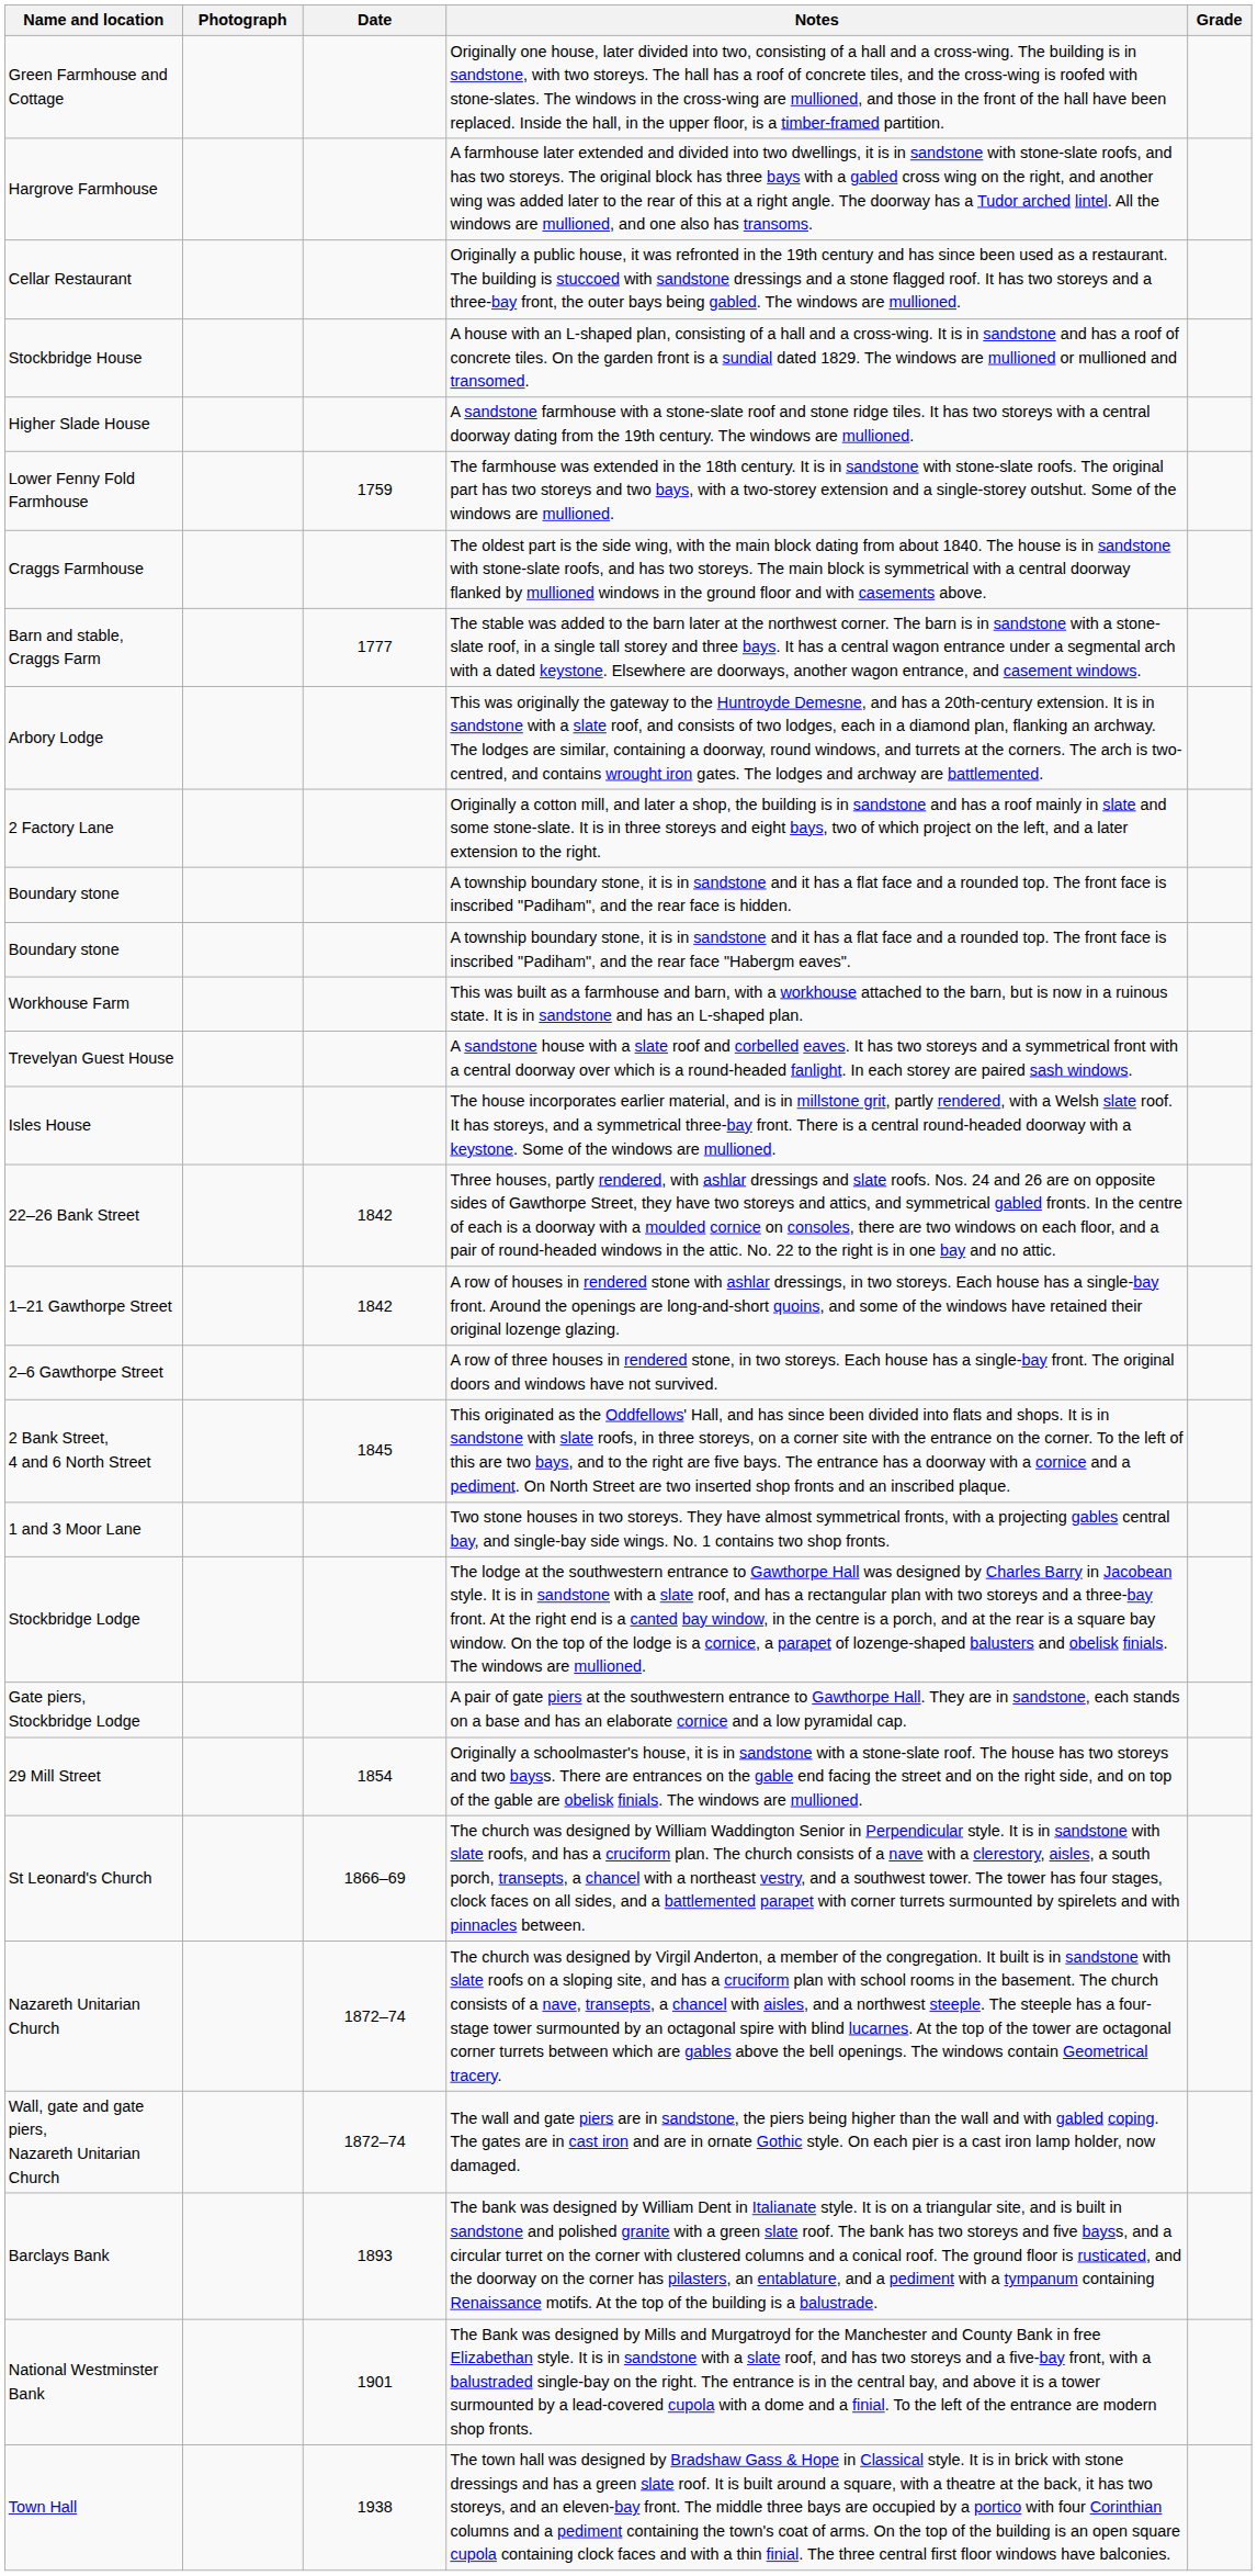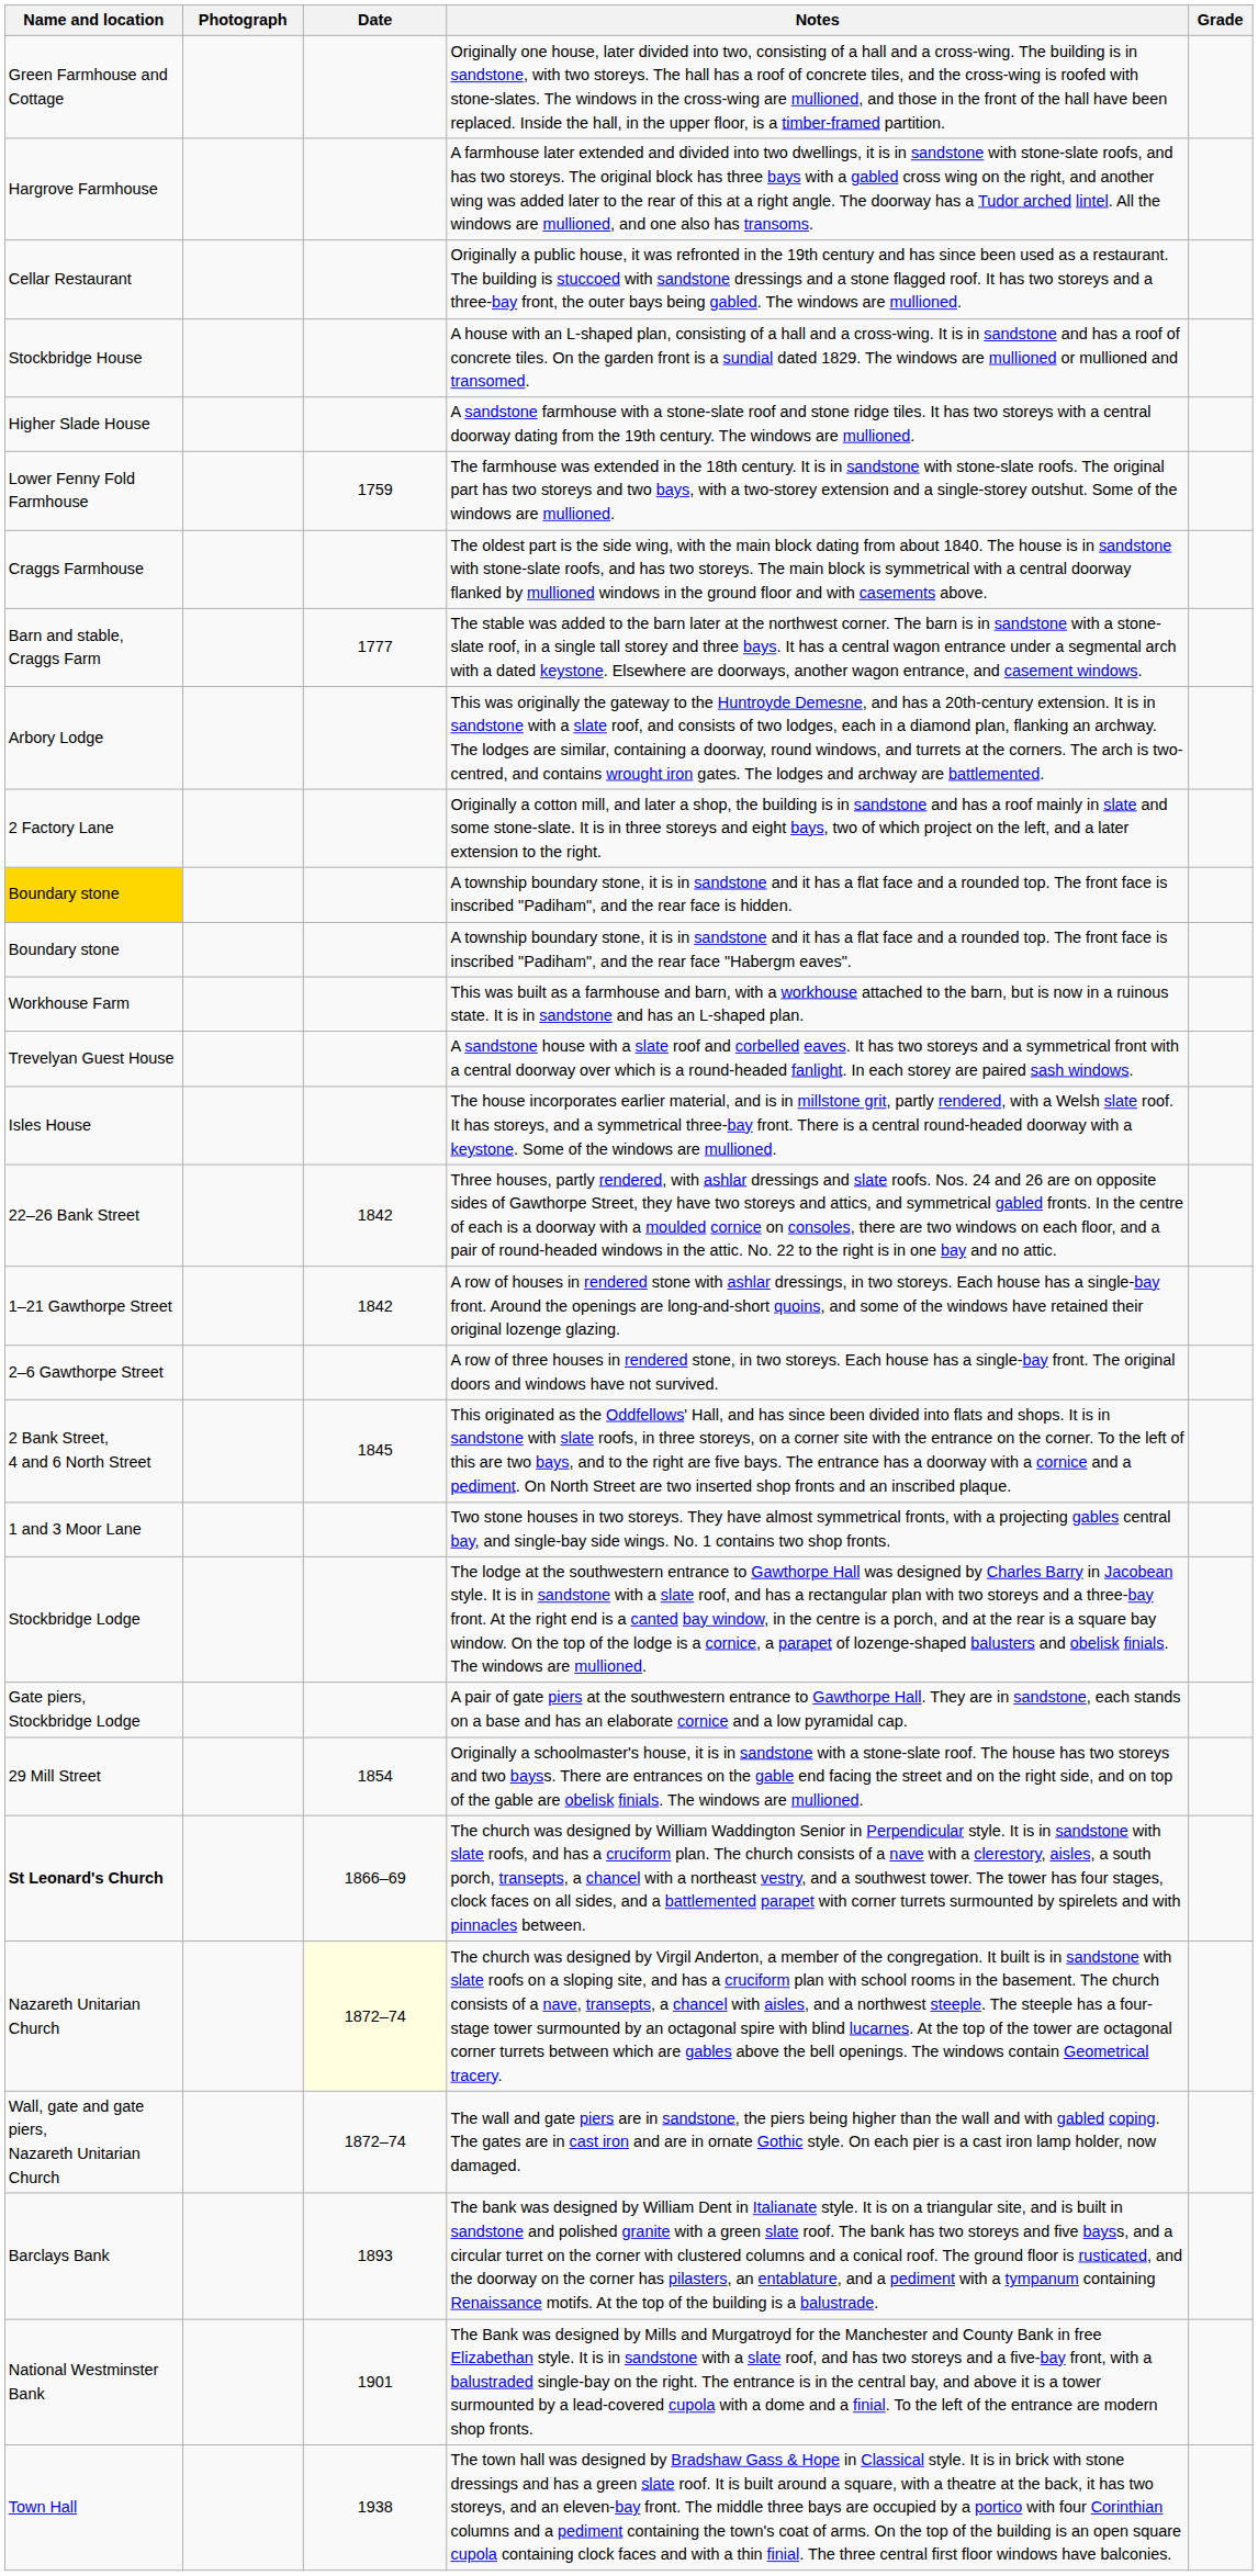 <table class="wikitable sortable plainrowheaders" style="width:100%;border:0px;text-align:left;line-height:150%;">
 <tr>
 <th scope="col"  style="width:150px">Name and location</th>
 <th scope="col"  style="width:100px" class="unsortable">Photograph</th>
 <th scope="col"  style="width:120px">Date</th>
 <th scope="col"  style="width:650px" class="unsortable">Notes</th>
 <th scope="col"  style="width:50px">Grade</th>
 </tr>
 <tr>
 <td>Green Farmhouse and Cottage<br><small></small></td>
 <td></td>
 <td align="center"></td>
 <td>Originally one house, later divided into two, consisting of a hall and a cross-wing.  The building is in <a href='#'>sandstone</a>, with two storeys.  The hall has a roof of concrete tiles, and the cross-wing is roofed with stone-slates.  The windows in the cross-wing are <a href='#'>mullioned</a>, and those in the front of the hall have been replaced.  Inside the hall, in the upper floor, is a <a href='#'>timber-framed</a> partition.</td>
 <td align="center" ></td>
 </tr>
 <tr>
 <td>Hargrove Farmhouse<br><small></small></td>
 <td></td>
 <td align="center"></td>
 <td>A farmhouse later extended and divided into two dwellings, it is in <a href='#'>sandstone</a> with stone-slate roofs, and has two storeys.  The original block has three <a href='#'>bays</a> with a <a href='#'>gabled</a> cross wing on the right, and another wing was added later to the rear of this at a right angle.  The doorway has a <a href='#'>Tudor arched</a> <a href='#'>lintel</a>.  All the windows are <a href='#'>mullioned</a>, and one also has <a href='#'>transoms</a>.</td>
 <td align="center" ></td>
 </tr>
 <tr>
 <td>Cellar Restaurant<br><small></small></td>
 <td></td>
 <td align="center"></td>
 <td>Originally a public house, it was refronted in the 19th century and has since been used as a restaurant. The building is <a href='#'>stuccoed</a> with <a href='#'>sandstone</a> dressings and a stone flagged roof.  It has two storeys and a three-<a href='#'>bay</a> front, the outer bays being <a href='#'>gabled</a>.  The windows are <a href='#'>mullioned</a>.</td>
 <td align="center" ></td>
 </tr>
 <tr>
 <td>Stockbridge House<br><small></small></td>
 <td></td>
 <td align="center"></td>
 <td>A house with an L-shaped plan, consisting of a hall and a cross-wing.  It is in <a href='#'>sandstone</a> and has a roof of concrete tiles.  On the garden front is a <a href='#'>sundial</a> dated 1829.  The windows are <a href='#'>mullioned</a> or mullioned and <a href='#'>transomed</a>.</td>
 <td align="center" ></td>
 </tr>
 <tr>
 <td>Higher Slade House<br><small></small></td>
 <td></td>
 <td align="center"></td>
 <td>A <a href='#'>sandstone</a> farmhouse with a stone-slate roof and stone ridge tiles.  It has two storeys with a central doorway dating from the 19th century.  The windows are <a href='#'>mullioned</a>.</td>
 <td align="center" ></td>
 </tr>
 <tr>
 <td>Lower Fenny Fold Farmhouse<br><small></small></td>
 <td></td>
 <td align="center">1759</td>
 <td>The farmhouse was extended in the 18th century.  It is in <a href='#'>sandstone</a> with stone-slate roofs.  The original part has two storeys and two <a href='#'>bays</a>, with a two-storey extension and a single-storey outshut. Some of the windows are <a href='#'>mullioned</a>.</td>
 <td align="center" ></td>
 </tr>
 <tr>
 <td>Craggs Farmhouse<br><small></small></td>
 <td></td>
 <td align="center"></td>
 <td>The oldest part is the side wing, with the main block dating from about 1840.  The house is in <a href='#'>sandstone</a> with stone-slate roofs, and has two storeys.  The main block is symmetrical with a central doorway flanked by <a href='#'>mullioned</a> windows in the ground floor and with <a href='#'>casements</a> above.</td>
 <td align="center" ></td>
 </tr>
 <tr>
 <td>Barn and stable,<br>Craggs Farm<br><small></small></td>
 <td></td>
 <td align="center">1777</td>
 <td>The stable was added to the barn later at the northwest corner.  The barn is in <a href='#'>sandstone</a> with a stone-slate roof, in a single tall storey and three <a href='#'>bays</a>.  It has a central wagon entrance under a segmental arch with a dated <a href='#'>keystone</a>.  Elsewhere are doorways, another wagon entrance, and <a href='#'>casement windows</a>.</td>
 <td align="center" ></td>
 </tr>
 <tr>
 <td>Arbory Lodge<br><small></small></td>
 <td></td>
 <td align="center"></td>
 <td>This was originally the gateway to the <a href='#'>Huntroyde Demesne</a>, and has a 20th-century extension.  It is in <a href='#'>sandstone</a> with a <a href='#'>slate</a> roof, and consists of two lodges, each in a diamond plan, flanking an archway.  The lodges are similar, containing a doorway, round windows, and turrets at the corners.  The arch is two-centred, and contains <a href='#'>wrought iron</a> gates.  The lodges and archway are <a href='#'>battlemented</a>.</td>
 <td align="center" ></td>
 </tr>
 <tr>
 <td>2 Factory Lane<br><small></small></td>
 <td></td>
 <td align="center"></td>
 <td>Originally a cotton mill, and later a shop, the building is in <a href='#'>sandstone</a> and has a roof mainly in <a href='#'>slate</a> and some stone-slate.  It is in three storeys and eight <a href='#'>bays</a>, two of which project on the left, and a later extension to the right.</td>
 <td align="center" ></td>
 </tr>
 <tr>
-<td>Boundary stone<br><small></small></td>
+<td style="background: gold;">Boundary stone<br><small></small></td>
 <td></td>
 <td align="center"></td>
 <td>A township boundary stone, it is in <a href='#'>sandstone</a> and it has a flat face and a rounded top.  The front face is inscribed "Padiham", and the rear face is hidden.</td>
 <td align="center" ></td>
 </tr>
 <tr>
 <td>Boundary stone<br><small></small></td>
 <td></td>
 <td align="center"></td>
 <td>A township boundary stone, it is in <a href='#'>sandstone</a> and it has a flat face and a rounded top.  The front face is inscribed "Padiham", and the rear face "Habergm eaves".</td>
 <td align="center" ></td>
 </tr>
 <tr>
 <td>Workhouse Farm<br><small></small></td>
 <td></td>
 <td align="center"></td>
 <td>This was built as a farmhouse and barn, with a <a href='#'>workhouse</a> attached to the barn, but is now in a ruinous state.  It is in <a href='#'>sandstone</a> and has an L-shaped plan.</td>
 <td align="center" ></td>
 </tr>
 <tr>
 <td>Trevelyan Guest House<br><small></small></td>
 <td></td>
 <td align="center"></td>
 <td>A <a href='#'>sandstone</a> house with a <a href='#'>slate</a> roof and <a href='#'>corbelled</a> <a href='#'>eaves</a>.  It has two storeys and a symmetrical front with a central doorway over which is a round-headed <a href='#'>fanlight</a>.  In each storey are paired <a href='#'>sash windows</a>.</td>
 <td align="center" ></td>
 </tr>
 <tr>
 <td>Isles House<br><small></small></td>
 <td></td>
 <td align="center"></td>
 <td>The house incorporates earlier material, and is in <a href='#'>millstone grit</a>, partly <a href='#'>rendered</a>, with a Welsh <a href='#'>slate</a> roof.  It has  storeys, and a symmetrical three-<a href='#'>bay</a> front.  There is a central round-headed doorway with a <a href='#'>keystone</a>.  Some of the windows are <a href='#'>mullioned</a>.</td>
 <td align="center" ></td>
 </tr>
 <tr>
 <td>22–26 Bank Street<br><small></small></td>
 <td></td>
 <td align="center">1842</td>
 <td>Three houses, partly <a href='#'>rendered</a>, with <a href='#'>ashlar</a> dressings and <a href='#'>slate</a> roofs.  Nos. 24 and 26 are on opposite sides of Gawthorpe Street, they have two storeys and attics, and symmetrical <a href='#'>gabled</a> fronts.  In the centre of each is a doorway with a <a href='#'>moulded</a> <a href='#'>cornice</a> on <a href='#'>consoles</a>, there are two windows on each floor, and a pair of round-headed windows in the attic.  No. 22 to the right is in one <a href='#'>bay</a> and no attic.</td>
 <td align="center" ></td>
 </tr>
 <tr>
 <td>1–21 Gawthorpe Street<br><small></small></td>
 <td></td>
 <td align="center">1842</td>
 <td>A row of houses in <a href='#'>rendered</a> stone with <a href='#'>ashlar</a> dressings, in two storeys.  Each house has a single-<a href='#'>bay</a> front.  Around the openings are long-and-short <a href='#'>quoins</a>, and some of the windows have retained their original lozenge glazing.</td>
 <td align="center" ></td>
 </tr>
 <tr>
 <td>2–6 Gawthorpe Street<br><small></small></td>
 <td></td>
 <td align="center"></td>
 <td>A row of three houses in <a href='#'>rendered</a> stone, in two storeys.  Each house has a single-<a href='#'>bay</a> front.  The original doors and windows have not survived.</td>
 <td align="center" ></td>
 </tr>
 <tr>
 <td>2 Bank Street,<br>4 and 6 North Street<br><small></small></td>
 <td></td>
 <td align="center">1845</td>
 <td>This originated as the <a href='#'>Oddfellows</a>' Hall, and has since been divided into flats and shops.  It is in <a href='#'>sandstone</a> with <a href='#'>slate</a> roofs, in three storeys, on a corner site with the entrance on the corner.  To the left of this are two <a href='#'>bays</a>, and to the right are five bays.  The entrance has a doorway with a <a href='#'>cornice</a> and a <a href='#'>pediment</a>.  On North Street are two inserted shop fronts and an inscribed plaque.</td>
 <td align="center" ></td>
 </tr>
 <tr>
 <td>1 and 3 Moor Lane<br><small></small></td>
 <td></td>
 <td align="center"></td>
 <td>Two stone houses in two storeys.  They have almost symmetrical fronts, with a projecting <a href='#'>gables</a> central <a href='#'>bay</a>, and single-bay side wings.  No. 1 contains two shop fronts.</td>
 <td align="center" ></td>
 </tr>
 <tr>
 <td>Stockbridge Lodge<br><small></small></td>
 <td></td>
 <td align="center"></td>
 <td>The lodge at the southwestern entrance to <a href='#'>Gawthorpe Hall</a> was designed by <a href='#'>Charles Barry</a> in <a href='#'>Jacobean</a> style.  It is in <a href='#'>sandstone</a> with a  <a href='#'>slate</a> roof, and has a rectangular plan with two storeys and a three-<a href='#'>bay</a> front. At the right end is a <a href='#'>canted</a> <a href='#'>bay window</a>, in the centre is a porch, and at the rear is a square bay window.  On the top of the lodge is a <a href='#'>cornice</a>, a <a href='#'>parapet</a> of lozenge-shaped <a href='#'>balusters</a> and <a href='#'>obelisk</a> <a href='#'>finials</a>.  The windows are <a href='#'>mullioned</a>.</td>
 <td align="center" ></td>
 </tr>
 <tr>
 <td>Gate piers,<br>Stockbridge Lodge<br><small></small></td>
 <td></td>
 <td align="center"></td>
 <td>A pair of gate <a href='#'>piers</a> at the southwestern entrance to <a href='#'>Gawthorpe Hall</a>.  They are in <a href='#'>sandstone</a>, each stands on a base and has an elaborate <a href='#'>cornice</a> and a low pyramidal cap.</td>
 <td align="center" ></td>
 </tr>
 <tr>
 <td>29 Mill Street<br><small></small></td>
 <td></td>
 <td align="center">1854</td>
 <td>Originally a schoolmaster's house, it is in <a href='#'>sandstone</a> with a stone-slate roof.  The house has two storeys and two <a href='#'>bays</a>s.  There are entrances on the <a href='#'>gable</a> end facing the street and on the right side, and on top of the gable are <a href='#'>obelisk</a> <a href='#'>finials</a>.  The windows are <a href='#'>mullioned</a>.</td>
 <td align="center" ></td>
 </tr>
 <tr>
-<td>St Leonard's Church<br><small></small></td>
+<td><strong>St Leonard's Church<br><small></small></strong></td>
 <td></td>
 <td align="center">1866–69</td>
 <td>The church was designed by William Waddington Senior in <a href='#'>Perpendicular</a> style.  It is in <a href='#'>sandstone</a> with <a href='#'>slate</a> roofs, and has a <a href='#'>cruciform</a> plan.  The church consists of a <a href='#'>nave</a> with a <a href='#'>clerestory</a>, <a href='#'>aisles</a>, a south porch, <a href='#'>transepts</a>, a <a href='#'>chancel</a> with a northeast <a href='#'>vestry</a>, and a southwest tower.  The tower has four stages, clock faces on all sides, and a <a href='#'>battlemented</a> <a href='#'>parapet</a> with corner turrets surmounted by spirelets and with <a href='#'>pinnacles</a> between.</td>
 <td align="center" ></td>
 </tr>
 <tr>
 <td>Nazareth Unitarian Church<br><small></small></td>
 <td></td>
-<td align="center">1872–74</td>
+<td align="center" style="background: lightyellow;">1872–74</td>
 <td>The church was designed by Virgil Anderton, a member of the congregation.  It built is in <a href='#'>sandstone</a> with <a href='#'>slate</a> roofs on a sloping site, and has a <a href='#'>cruciform</a> plan with school rooms in the basement.  The church consists of a <a href='#'>nave</a>, <a href='#'>transepts</a>, a <a href='#'>chancel</a> with <a href='#'>aisles</a>, and a northwest <a href='#'>steeple</a>.  The steeple has a four-stage tower surmounted by an octagonal spire with blind <a href='#'>lucarnes</a>.  At the top of the tower are octagonal corner turrets between which are <a href='#'>gables</a> above the bell openings.  The windows contain <a href='#'>Geometrical</a> <a href='#'>tracery</a>.</td>
 <td align="center" ></td>
 </tr>
 <tr>
 <td>Wall, gate and gate piers,<br>Nazareth Unitarian Church<br><small></small></td>
 <td></td>
 <td align="center">1872–74</td>
 <td>The wall and gate <a href='#'>piers</a> are in <a href='#'>sandstone</a>, the piers being higher than the wall and with <a href='#'>gabled</a> <a href='#'>coping</a>.  The gates are in <a href='#'>cast iron</a> and are in ornate <a href='#'>Gothic</a> style.  On each pier is a cast iron lamp holder, now damaged.</td>
 <td align="center" ></td>
 </tr>
 <tr>
 <td>Barclays Bank<br><small></small></td>
 <td></td>
 <td align="center">1893</td>
 <td>The bank was designed by William Dent in <a href='#'>Italianate</a> style.  It is on a triangular site, and is built in <a href='#'>sandstone</a> and polished <a href='#'>granite</a> with a green <a href='#'>slate</a> roof.  The bank has two storeys and five <a href='#'>bays</a>s, and a circular turret on the corner with clustered columns and a conical roof.  The ground floor is <a href='#'>rusticated</a>, and the doorway on the corner has <a href='#'>pilasters</a>, an <a href='#'>entablature</a>, and a <a href='#'>pediment</a> with a <a href='#'>tympanum</a> containing <a href='#'>Renaissance</a> motifs.  At the top of the building is a <a href='#'>balustrade</a>.</td>
 <td align="center" ></td>
 </tr>
 <tr>
 <td>National Westminster Bank<br><small></small></td>
 <td></td>
 <td align="center">1901</td>
 <td>The Bank was designed by Mills and Murgatroyd for the Manchester and County Bank in free <a href='#'>Elizabethan</a> style.  It is in <a href='#'>sandstone</a> with a <a href='#'>slate</a> roof, and has two storeys and a five-<a href='#'>bay</a> front, with a <a href='#'>balustraded</a> single-bay on the right.  The entrance is in the central bay, and above it is a tower surmounted by a lead-covered <a href='#'>cupola</a> with a dome and a <a href='#'>finial</a>.  To the left of the entrance are modern shop fronts.</td>
 <td align="center" ></td>
 </tr>
 <tr>
 <td><a href='#'>Town Hall</a><br><small></small></td>
 <td></td>
 <td align="center">1938</td>
 <td>The town hall was designed by <a href='#'>Bradshaw Gass & Hope</a> in <a href='#'>Classical</a> style.  It is in brick with stone dressings and has a green <a href='#'>slate</a> roof.  It is built around a square, with a theatre at the back, it has two storeys, and an eleven-<a href='#'>bay</a> front.  The middle three bays are occupied by a <a href='#'>portico</a> with four <a href='#'>Corinthian</a> columns and a <a href='#'>pediment</a> containing the town's coat of arms.  On the top of the building is an open square <a href='#'>cupola</a> containing clock faces and with a thin <a href='#'>finial</a>.  The three central first floor windows have balconies.</td>
 <td align="center" ></td>
 </tr>
 <tr>
 </tr>
 </table>
